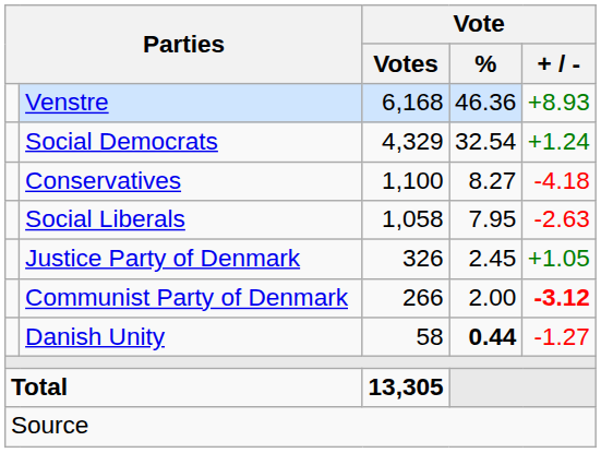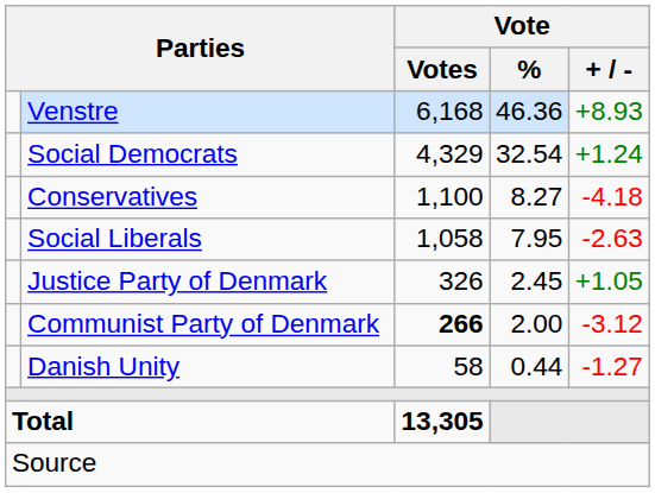 <table class="wikitable" style="text-align:right;">
 <tr>
 <th style="text-align:centre;" rowspan="2" colspan="2" width="225">Parties</th>
 <th colspan="3">Vote</th>
 </tr>
 <tr>
 <th width="15">Votes</th>
 <th width="15">%</th>
 <th width="15">+ / -</th>
 </tr>
 <tr>
 <td width="2" style="color:inherit;background:"></td>
 <td bgcolor=#cfe5fe  align="left"><a href='#'>Venstre</a></td>
 <td bgcolor=#cfe5fe>6,168</td>
 <td bgcolor=#cfe5fe>46.36</td>
 <td style=color:green;>+8.93</td>
 </tr>
 <tr>
 <td width="2" style="color:inherit;background:"></td>
 <td align="left"><a href='#'>Social Democrats</a></td>
 <td>4,329</td>
 <td>32.54</td>
 <td style=color:green;>+1.24</td>
 </tr>
 <tr>
 <td width="2" style="color:inherit;background:"></td>
 <td align="left"><a href='#'>Conservatives</a></td>
 <td>1,100</td>
 <td>8.27</td>
 <td style=color:red;>-4.18</td>
 </tr>
 <tr>
 <td width="2" style="color:inherit;background:"></td>
 <td align="left"><a href='#'>Social Liberals</a></td>
 <td>1,058</td>
 <td>7.95</td>
 <td style=color:red;>-2.63</td>
 </tr>
 <tr>
 <td width="2" style="color:inherit;background:"></td>
 <td align="left"><a href='#'>Justice Party of Denmark</a></td>
 <td>326</td>
 <td>2.45</td>
 <td style=color:green;>+1.05</td>
 </tr>
 <tr>
 <td width="2" style="color:inherit;background:"></td>
 <td align="left"><a href='#'>Communist Party of Denmark</a></td>
-<td>266</td>
+<td><strong>266</strong></td>
 <td>2.00</td>
-<td style=color:red;><strong>-3.12</strong></td>
+<td style=color:red;>-3.12</td>
 </tr>
 <tr>
 <td width="2" style="color:inherit;background:"></td>
 <td align="left"><a href='#'>Danish Unity</a></td>
 <td>58</td>
-<td><strong>0.44</strong></td>
+<td>0.44</td>
 <td style=color:red;>-1.27</td>
 </tr>
 <tr>
 <td colspan="7" bgcolor="#E9E9E9"></td>
 </tr>
 <tr>
 <td align="left" colspan="2"><strong>Total</strong></td>
 <td><strong>13,305</strong></td>
 <td bgcolor="#E9E9E9" colspan="2"></td>
 </tr>
 <tr>
 <td align="left" colspan="6">Source</td>
 </tr>
 </table>
